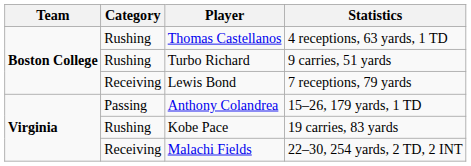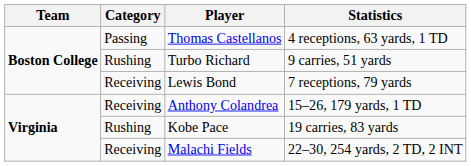 <table class="wikitable" style="float: right;">
 <tr>
 <th>Team</th>
 <th>Category</th>
 <th>Player</th>
 <th>Statistics</th>
 </tr>
 <tr>
 <td rowspan=3><strong>Boston College</strong></td>
-<td>Rushing</td>
+<td>Passing</td>
 <td><a href='#'>Thomas Castellanos</a></td>
 <td>4 receptions, 63 yards, 1 TD</td>
 </tr>
 <tr>
 <td>Rushing</td>
 <td>Turbo Richard</td>
 <td>9 carries, 51 yards</td>
 </tr>
 <tr>
 <td>Receiving</td>
 <td>Lewis Bond</td>
 <td>7 receptions, 79 yards</td>
 </tr>
 <tr>
 <td rowspan=3><strong>Virginia</strong></td>
-<td>Passing</td>
+<td>Receiving</td>
 <td><a href='#'>Anthony Colandrea</a></td>
 <td>15–26, 179 yards, 1 TD</td>
 </tr>
 <tr>
 <td>Rushing</td>
 <td>Kobe Pace</td>
 <td>19 carries, 83 yards</td>
 </tr>
 <tr>
 <td>Receiving</td>
 <td><a href='#'>Malachi Fields</a></td>
 <td>22–30, 254 yards, 2 TD, 2 INT</td>
 </tr>
 </table>
